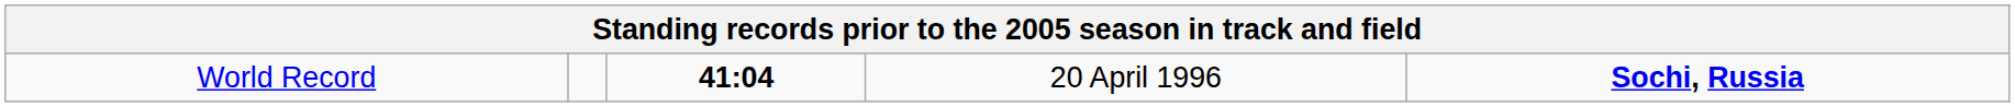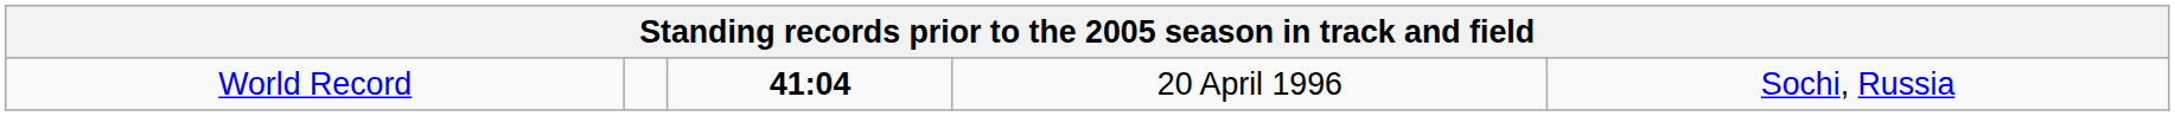 <table class="wikitable" style=" text-align:center; font-size:110%;" width="95%">
 <tr>
 <th colspan="5">Standing records prior to the 2005 season in track and field</th>
 </tr>
 <tr>
 <td><a href='#'>World Record</a></td>
 <td></td>
 <td><strong>41:04</strong></td>
 <td>20 April 1996</td>
-<td><strong> <a href='#'>Sochi</a>, <a href='#'>Russia</a></strong></td>
+<td> <a href='#'>Sochi</a>, <a href='#'>Russia</a></td>
 </tr>
 </table>
